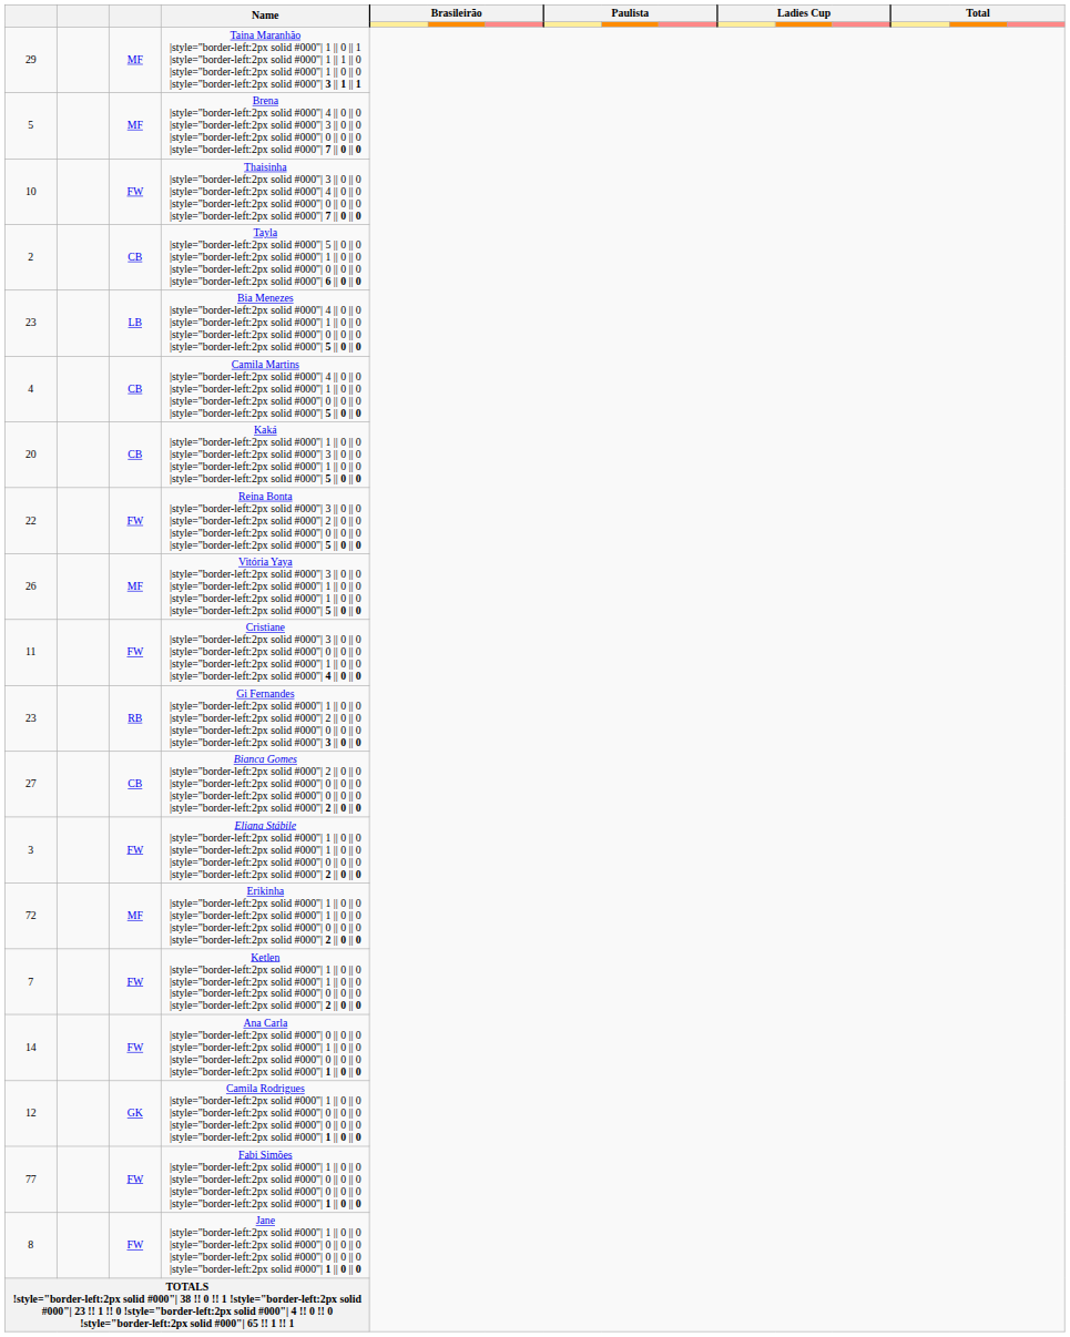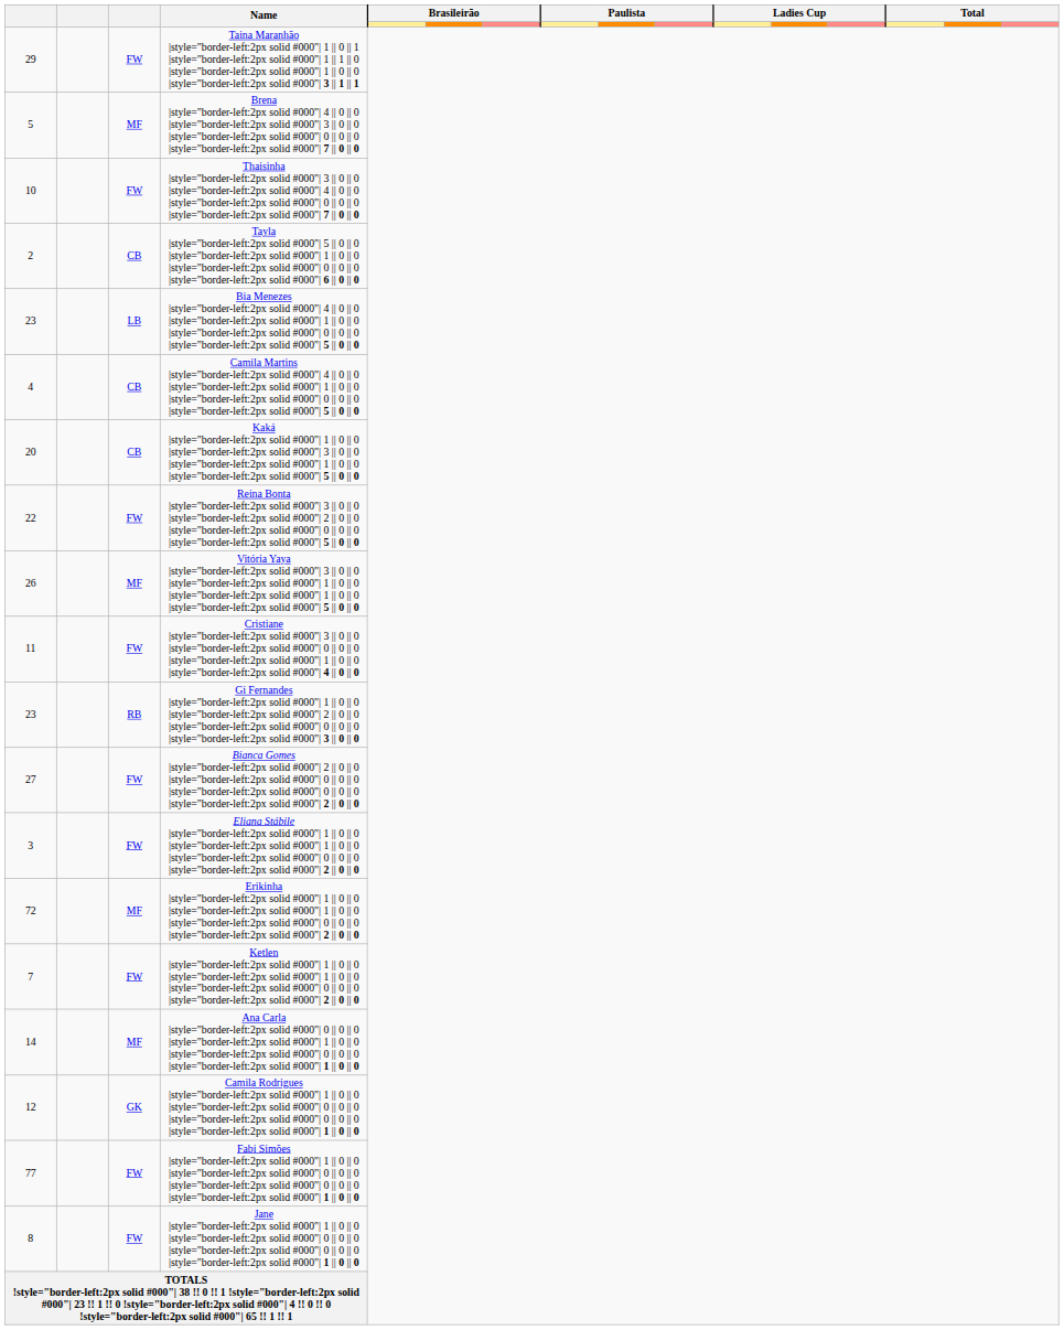 <table class="wikitable" style="text-align:center">
 <tr>
 <th rowspan="2" style="width:3%; "><strong></strong></th>
 <th rowspan="2" style="width:3%; "><strong></strong></th>
 <th rowspan="2" style="width:3%; "><strong></strong></th>
 <th rowspan="2" style="width:12%; ">Name</th>
 <th colspan="3" style="width:10%; border-left:2px solid #000">Brasileirão</th>
 <th colspan="3" style="width:10%; border-left:2px solid #000">Paulista</th>
 <th colspan="3" style="width:10%; border-left:2px solid #000">Ladies Cup</th>
 <th colspan="3" style="width:10%; border-left:2px solid #000">Total</th>
 </tr>
 <tr>
 <th style="width:20px; background:#fe9; border-left:2px solid #000"></th>
 <th style="width:20px; background:#ff8c00;"></th>
 <th style="width:20px; background:#ff8888;"></th>
 <th style="width:20px; background:#fe9; border-left:2px solid #000"></th>
 <th style="width:20px; background:#ff8c00;"></th>
 <th style="width:20px; background:#ff8888;"></th>
 <th style="width:20px; background:#fe9; border-left:2px solid #000"></th>
 <th style="width:20px; background:#ff8c00;"></th>
 <th style="width:20px; background:#ff8888;"></th>
 <th style="width:20px; background:#fe9; border-left:2px solid #000"></th>
 <th style="width:20px; background:#ff8c00;"></th>
 <th style="width:20px; background:#ff8888;"></th>
 </tr>
 <tr>
 <td>29</td>
 <td></td>
-<td><a href='#'>MF</a></td>
+<td><a href='#'>FW</a></td>
 <td><a href='#'>Taina Maranhão</a><br> |style="border-left:2px solid #000"| 1 || 0 || 1  |style="border-left:2px solid #000"| 1 || 1 || 0  |style="border-left:2px solid #000"| 1 || 0 || 0  |style="border-left:2px solid #000"| <strong>3</strong> || <strong>1</strong> || <strong>1</strong></td>
 </tr>
 <tr>
 <td>5</td>
 <td></td>
 <td><a href='#'>MF</a></td>
 <td><a href='#'>Brena</a><br> |style="border-left:2px solid #000"| 4 || 0 || 0  |style="border-left:2px solid #000"| 3 || 0 || 0  |style="border-left:2px solid #000"| 0 || 0 || 0  |style="border-left:2px solid #000"| <strong>7</strong> || <strong>0</strong> || <strong>0</strong></td>
 </tr>
 <tr>
 <td>10</td>
 <td></td>
 <td><a href='#'>FW</a></td>
 <td><a href='#'>Thaisinha</a><br> |style="border-left:2px solid #000"| 3 || 0 || 0  |style="border-left:2px solid #000"| 4 || 0 || 0  |style="border-left:2px solid #000"| 0 || 0 || 0  |style="border-left:2px solid #000"| <strong>7</strong> || <strong>0</strong> || <strong>0</strong></td>
 </tr>
 <tr>
 <td>2</td>
 <td></td>
 <td><a href='#'>CB</a></td>
 <td><a href='#'>Tayla</a><br> |style="border-left:2px solid #000"| 5 || 0 || 0  |style="border-left:2px solid #000"| 1 || 0 || 0  |style="border-left:2px solid #000"| 0 || 0 || 0  |style="border-left:2px solid #000"| <strong>6</strong> || <strong>0</strong> || <strong>0</strong></td>
 </tr>
 <tr>
 <td>23</td>
 <td></td>
 <td><a href='#'>LB</a></td>
 <td><a href='#'>Bia Menezes</a><br> |style="border-left:2px solid #000"| 4 || 0 || 0  |style="border-left:2px solid #000"| 1 || 0 || 0  |style="border-left:2px solid #000"| 0 || 0 || 0  |style="border-left:2px solid #000"| <strong>5</strong> || <strong>0</strong> || <strong>0</strong></td>
 </tr>
 <tr>
 <td>4</td>
 <td></td>
 <td><a href='#'>CB</a></td>
 <td><a href='#'>Camila Martins</a><br> |style="border-left:2px solid #000"| 4 || 0 || 0  |style="border-left:2px solid #000"| 1 || 0 || 0  |style="border-left:2px solid #000"| 0 || 0 || 0  |style="border-left:2px solid #000"| <strong>5</strong> || <strong>0</strong> || <strong>0</strong></td>
 </tr>
 <tr>
 <td>20</td>
 <td></td>
 <td><a href='#'>CB</a></td>
 <td><a href='#'>Kaká</a><br> |style="border-left:2px solid #000"| 1 || 0 || 0  |style="border-left:2px solid #000"| 3 || 0 || 0  |style="border-left:2px solid #000"| 1 || 0 || 0  |style="border-left:2px solid #000"| <strong>5</strong> || <strong>0</strong> || <strong>0</strong></td>
 </tr>
 <tr>
 <td>22</td>
 <td></td>
 <td><a href='#'>FW</a></td>
 <td><a href='#'>Reina Bonta</a><br> |style="border-left:2px solid #000"| 3 || 0 || 0  |style="border-left:2px solid #000"| 2 || 0 || 0  |style="border-left:2px solid #000"| 0 || 0 || 0  |style="border-left:2px solid #000"| <strong>5</strong> || <strong>0</strong> || <strong>0</strong></td>
 </tr>
 <tr>
 <td>26</td>
 <td></td>
 <td><a href='#'>MF</a></td>
 <td><a href='#'>Vitória Yaya</a><br> |style="border-left:2px solid #000"| 3 || 0 || 0  |style="border-left:2px solid #000"| 1 || 0 || 0  |style="border-left:2px solid #000"| 1 || 0 || 0  |style="border-left:2px solid #000"| <strong>5</strong> || <strong>0</strong> || <strong>0</strong></td>
 </tr>
 <tr>
 <td>11</td>
 <td></td>
 <td><a href='#'>FW</a></td>
 <td><a href='#'>Cristiane</a><br> |style="border-left:2px solid #000"| 3 || 0 || 0  |style="border-left:2px solid #000"| 0 || 0 || 0  |style="border-left:2px solid #000"| 1 || 0 || 0  |style="border-left:2px solid #000"| <strong>4</strong> || <strong>0</strong> || <strong>0</strong></td>
 </tr>
 <tr>
 <td>23</td>
 <td></td>
 <td><a href='#'>RB</a></td>
 <td><a href='#'>Gi Fernandes</a><br> |style="border-left:2px solid #000"| 1 || 0 || 0  |style="border-left:2px solid #000"| 2 || 0 || 0  |style="border-left:2px solid #000"| 0 || 0 || 0  |style="border-left:2px solid #000"| <strong>3</strong> || <strong>0</strong> || <strong>0</strong></td>
 </tr>
 <tr>
 <td>27</td>
 <td></td>
-<td><a href='#'>CB</a></td>
+<td><a href='#'>FW</a></td>
 <td><em><a href='#'>Bianca Gomes</a></em><br> |style="border-left:2px solid #000"| 2 || 0 || 0  |style="border-left:2px solid #000"| 0 || 0 || 0  |style="border-left:2px solid #000"| 0 || 0 || 0  |style="border-left:2px solid #000"| <strong>2</strong> || <strong>0</strong> || <strong>0</strong></td>
 </tr>
 <tr>
 <td>3</td>
 <td></td>
 <td><a href='#'>FW</a></td>
 <td><em><a href='#'>Eliana Stábile</a></em><br> |style="border-left:2px solid #000"| 1 || 0 || 0  |style="border-left:2px solid #000"| 1 || 0 || 0  |style="border-left:2px solid #000"| 0 || 0 || 0  |style="border-left:2px solid #000"| <strong>2</strong> || <strong>0</strong> || <strong>0</strong></td>
 </tr>
 <tr>
 <td>72</td>
 <td></td>
 <td><a href='#'>MF</a></td>
 <td><a href='#'>Erikinha</a><br> |style="border-left:2px solid #000"| 1 || 0 || 0  |style="border-left:2px solid #000"| 1 || 0 || 0  |style="border-left:2px solid #000"| 0 || 0 || 0  |style="border-left:2px solid #000"| <strong>2</strong> || <strong>0</strong> || <strong>0</strong></td>
 </tr>
 <tr>
 <td>7</td>
 <td></td>
 <td><a href='#'>FW</a></td>
 <td><a href='#'>Ketlen</a><br> |style="border-left:2px solid #000"| 1 || 0 || 0  |style="border-left:2px solid #000"| 1 || 0 || 0  |style="border-left:2px solid #000"| 0 || 0 || 0  |style="border-left:2px solid #000"| <strong>2</strong> || <strong>0</strong> || <strong>0</strong></td>
 </tr>
 <tr>
 <td>14</td>
 <td></td>
-<td><a href='#'>FW</a></td>
+<td><a href='#'>MF</a></td>
 <td><a href='#'>Ana Carla</a><br> |style="border-left:2px solid #000"| 0 || 0 || 0  |style="border-left:2px solid #000"| 1 || 0 || 0  |style="border-left:2px solid #000"| 0 || 0 || 0  |style="border-left:2px solid #000"| <strong>1</strong> || <strong>0</strong> || <strong>0</strong></td>
 </tr>
 <tr>
 <td>12</td>
 <td></td>
 <td><a href='#'>GK</a></td>
 <td><a href='#'>Camila Rodrigues</a><br> |style="border-left:2px solid #000"| 1 || 0 || 0  |style="border-left:2px solid #000"| 0 || 0 || 0  |style="border-left:2px solid #000"| 0 || 0 || 0  |style="border-left:2px solid #000"| <strong>1</strong> || <strong>0</strong> || <strong>0</strong></td>
 </tr>
 <tr>
 <td>77</td>
 <td></td>
 <td><a href='#'>FW</a></td>
 <td><a href='#'>Fabi Simões</a><br> |style="border-left:2px solid #000"| 1 || 0 || 0  |style="border-left:2px solid #000"| 0 || 0 || 0  |style="border-left:2px solid #000"| 0 || 0 || 0  |style="border-left:2px solid #000"| <strong>1</strong> || <strong>0</strong> || <strong>0</strong></td>
 </tr>
 <tr>
 <td>8</td>
 <td></td>
 <td><a href='#'>FW</a></td>
 <td><a href='#'>Jane</a><br> |style="border-left:2px solid #000"| 1 || 0 || 0  |style="border-left:2px solid #000"| 0 || 0 || 0  |style="border-left:2px solid #000"| 0 || 0 || 0  |style="border-left:2px solid #000"| <strong>1</strong> || <strong>0</strong> || <strong>0</strong></td>
 </tr>
 <tr>
 <th colspan="4">TOTALS<br> !style="border-left:2px solid #000"| <strong>38</strong> !! <strong>0</strong> !! <strong>1</strong>  !style="border-left:2px solid #000"| <strong>23</strong> !! <strong>1</strong> !! <strong>0</strong>  !style="border-left:2px solid #000"| <strong>4</strong> !! <strong>0</strong> !! <strong>0</strong>  !style="border-left:2px solid #000"| <strong>65</strong> !! <strong>1</strong> !! <strong>1</strong></th>
 </tr>
 </table>
